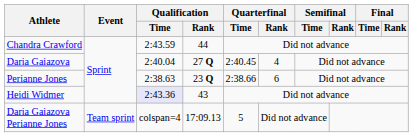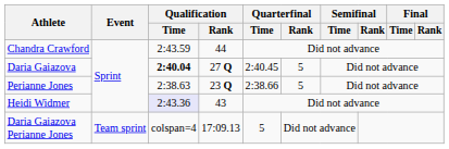 <table class="wikitable" style="font-size:90%">
 <tr>
 <th rowspan="2">Athlete</th>
 <th rowspan="2">Event</th>
 <th colspan="2">Qualification</th>
 <th colspan="2">Quarterfinal</th>
 <th colspan="2">Semifinal</th>
 <th colspan="2">Final</th>
 </tr>
 <tr style="font-size:95%">
 <th>Time</th>
 <th>Rank</th>
 <th>Time</th>
 <th>Rank</th>
 <th>Time</th>
 <th>Rank</th>
 <th>Time</th>
 <th>Rank</th>
 </tr>
 <tr align=center>
 <td align=left><a href='#'>Chandra Crawford</a></td>
 <td align=left rowspan=4><a href='#'>Sprint</a></td>
 <td>2:43.59</td>
 <td>44</td>
 <td colspan=6>Did not advance</td>
 </tr>
 <tr align=center>
 <td align=left><a href='#'>Daria Gaiazova</a></td>
-<td>2:40.04</td>
+<td><strong>2:40.04</strong></td>
 <td>27 <strong>Q</strong></td>
 <td>2:40.45</td>
-<td>4</td>
+<td>5</td>
 <td colspan=4>Did not advance</td>
 </tr>
 <tr align=center>
 <td align=left><a href='#'>Perianne Jones</a></td>
 <td>2:38.63</td>
 <td>23 <strong>Q</strong></td>
 <td>2:38.66</td>
-<td>6</td>
+<td>5</td>
 <td colspan=4>Did not advance</td>
 </tr>
 <tr align=center>
 <td align=left><a href='#'>Heidi Widmer</a></td>
 <td style="background: lavender;">2:43.36</td>
 <td>43</td>
 <td colspan=6>Did not advance</td>
 </tr>
 <tr align=center>
 <td align=left><a href='#'>Daria Gaiazova</a><br><a href='#'>Perianne Jones</a></td>
 <td align=left><a href='#'>Team sprint</a></td>
 <td>colspan=4 </td>
 <td>17:09.13</td>
 <td>5</td>
 <td colspan=2>Did not advance</td>
 </tr>
 </table>
